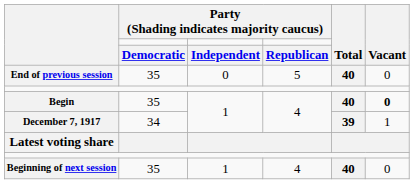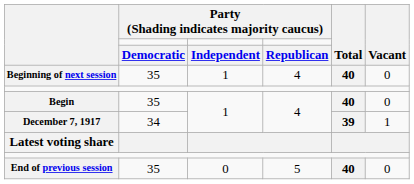 <table class=wikitable style="text-align:center">
 <tr style="vertical-align:bottom;">
 <th rowspan=3></th>
 <th colspan=3>Party <div>(Shading indicates majority caucus)</div></th>
 <th rowspan=3>Total</th>
 <th rowspan=3>Vacant</th>
 </tr>
 <tr style="height:5px">
 <td style="background-color:"></td>
 <td style="background-color:"></td>
 <td style="background-color:"></td>
 </tr>
 <tr>
 <th><a href='#'>Democratic</a></th>
 <th><a href='#'>Independent</a></th>
 <th><a href='#'>Republican</a></th>
 </tr>
 <tr>
-<th nowrap style="font-size:80%">End of <a href='#'>previous session</a></th>
+<th style="white-space:nowrap; font-size:80%;">Beginning of <a href='#'>next session</a></th>
 <td>35</td>
-<td>0</td>
-<td>5</td>
+<td>1</td>
+<td>4</td>
 <th>40</th>
 <td>0</td>
 </tr>
 <tr>
 <td colspan=6></td>
 </tr>
 <tr>
 <th style="font-size:80%">Begin</th>
 <td>35</td>
 <td rowspan=2>1</td>
 <td rowspan=2>4</td>
 <th>40</th>
-<td><strong>0</strong></td>
+<td>0</td>
 </tr>
 <tr>
 <th style="font-size:80%">December 7, 1917 </th>
 <td>34</td>
 <th>39</th>
 <td>1</td>
 </tr>
 <tr>
 <th>Latest voting share</th>
 <th></th>
 <th colspan=2></th>
 <th colspan=2></th>
 </tr>
 <tr>
 <td colspan=6></td>
 </tr>
 <tr>
-<th style="white-space:nowrap; font-size:80%;">Beginning of <a href='#'>next session</a></th>
+<th nowrap style="font-size:80%">End of <a href='#'>previous session</a></th>
 <td>35</td>
-<td>1</td>
-<td>4</td>
+<td>0</td>
+<td>5</td>
 <th>40</th>
 <td>0</td>
 </tr>
 </table>
